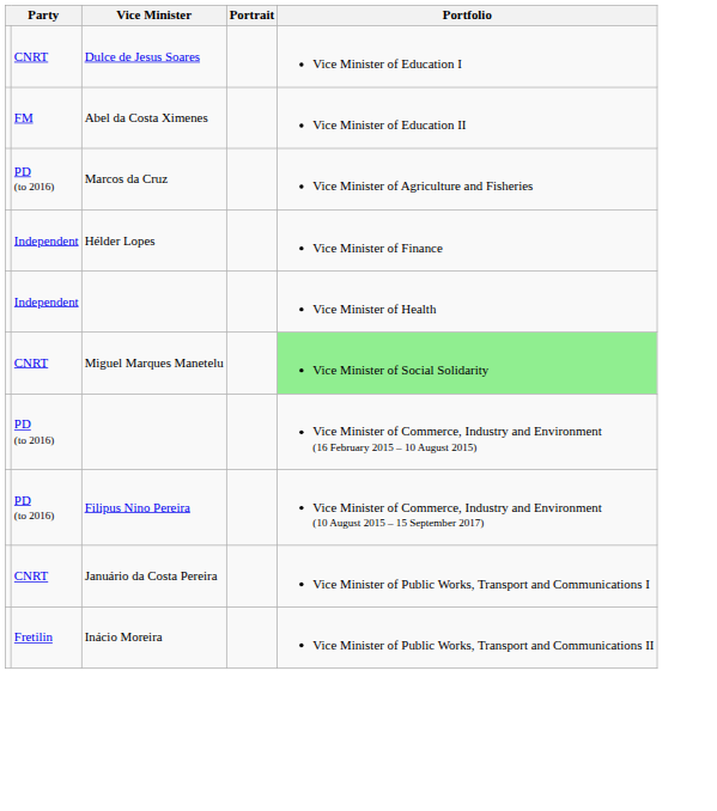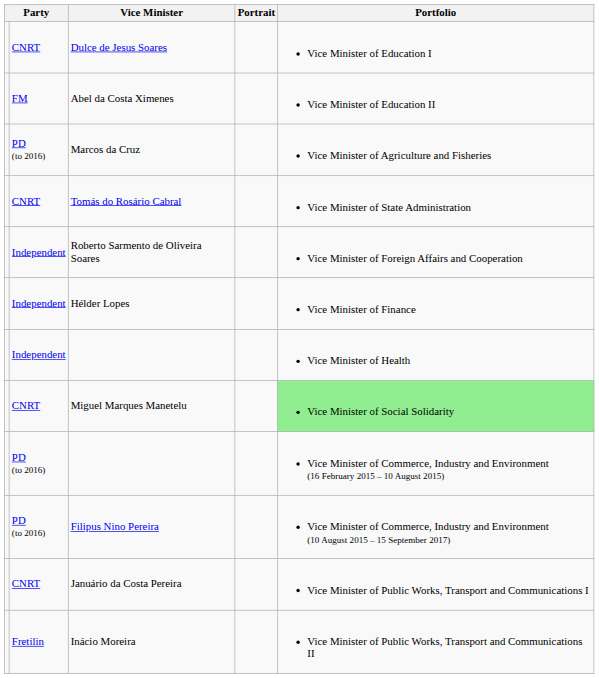 <table class="wikitable sortable">
 <tr>
 <th colspan="2">Party</th>
 <th>Vice Minister</th>
 <th>Portrait</th>
 <th>Portfolio</th>
 </tr>
 <tr>
 <td style="background:"></td>
 <td><a href='#'>CNRT</a></td>
 <td><a href='#'>Dulce de Jesus Soares</a></td>
 <td></td>
 <td><br><ul><li>Vice Minister of Education I</li></ul></td>
 </tr>
 <tr>
 <td style="background:"></td>
 <td><a href='#'>FM</a></td>
 <td>Abel da Costa Ximenes</td>
 <td></td>
 <td><br><ul><li>Vice Minister of Education II</li></ul></td>
 </tr>
 <tr>
 <td style="background:"></td>
 <td><a href='#'>PD</a><br><small>(to 2016)</small></td>
 <td>Marcos da Cruz</td>
 <td></td>
 <td><br><ul><li>Vice Minister of Agriculture and Fisheries</li></ul></td>
+</tr>
+<tr>
+<td style="background:"></td>
+<td><a href='#'>CNRT</a></td>
+<td><a href='#'>Tomás do Rosário Cabral</a></td>
+<td></td>
+<td><br><ul><li>Vice Minister of State Administration</li></ul></td>
+</tr>
+<tr>
+<td style="background:"></td>
+<td><a href='#'>Independent</a></td>
+<td>Roberto Sarmento de Oliveira Soares</td>
+<td></td>
+<td><br><ul><li>Vice Minister of Foreign Affairs and Cooperation</li></ul></td>
 </tr>
 <tr>
 <td style="background:"></td>
 <td><a href='#'>Independent</a></td>
 <td>Hélder Lopes</td>
 <td></td>
 <td><br><ul><li>Vice Minister of Finance</li></ul></td>
 </tr>
 <tr>
 <td style="background:"></td>
 <td><a href='#'>Independent</a></td>
 <td></td>
 <td></td>
 <td><br><ul><li>Vice Minister of Health</li></ul></td>
 </tr>
 <tr>
 <td style="background:"></td>
 <td><a href='#'>CNRT</a></td>
 <td>Miguel Marques Manetelu</td>
 <td></td>
 <td style="background: lightgreen;"><br><ul><li>Vice Minister of Social Solidarity</li></ul></td>
 </tr>
 <tr>
 <td style="background:"></td>
 <td><a href='#'>PD</a><br><small>(to 2016)</small></td>
 <td></td>
 <td></td>
 <td><br><ul><li>Vice Minister of Commerce, Industry and Environment<br><small>(16 February 2015 – 10 August 2015)</small></li></ul></td>
 </tr>
 <tr>
 <td style="background:"></td>
 <td><a href='#'>PD</a><br><small>(to 2016)</small></td>
 <td><a href='#'>Filipus Nino Pereira</a></td>
 <td></td>
 <td><br><ul><li>Vice Minister of Commerce, Industry and Environment<br><small>(10 August 2015 – 15 September 2017)</small></li></ul></td>
 </tr>
 <tr>
 <td style="background:"></td>
 <td><a href='#'>CNRT</a></td>
 <td>Januário da Costa Pereira</td>
 <td></td>
 <td><br><ul><li>Vice Minister of Public Works, Transport and Communications I</li></ul></td>
 </tr>
 <tr>
 <td style="background:"></td>
 <td><a href='#'>Fretilin</a></td>
 <td>Inácio Moreira</td>
 <td></td>
 <td><br><ul><li>Vice Minister of Public Works, Transport and Communications II</li></ul></td>
 </tr>
 </table>
